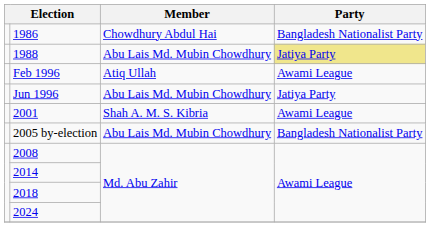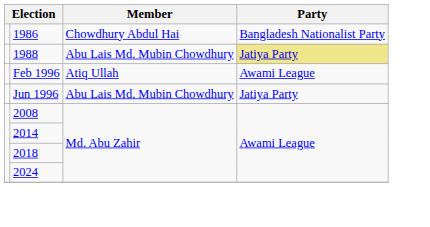 <table class="wikitable">
 <tr>
 <th colspan="2">Election</th>
 <th>Member</th>
 <th>Party</th>
 </tr>
 <tr>
 <td style="background-color:"></td>
 <td><a href='#'>1986</a></td>
 <td><a href='#'>Chowdhury Abdul Hai</a></td>
 <td><a href='#'>Bangladesh Nationalist Party</a></td>
 </tr>
 <tr>
 <td style="background-color:"></td>
 <td><a href='#'>1988</a></td>
 <td><a href='#'>Abu Lais Md. Mubin Chowdhury</a></td>
 <td style="background: khaki;"><a href='#'>Jatiya Party</a></td>
 </tr>
 <tr>
 <td style="background-color:"></td>
 <td><a href='#'>Feb 1996</a></td>
 <td><a href='#'>Atiq Ullah</a></td>
 <td><a href='#'>Awami League</a></td>
 </tr>
 <tr>
 <td style="background-color:"></td>
 <td><a href='#'>Jun 1996</a></td>
 <td><a href='#'>Abu Lais Md. Mubin Chowdhury</a></td>
 <td><a href='#'>Jatiya Party</a></td>
 </tr>
 <tr>
-<td style="background-color:"></td>
-<td><a href='#'>2001</a></td>
-<td><a href='#'>Shah A. M. S. Kibria</a></td>
-<td><a href='#'>Awami League</a></td>
-</tr>
-<tr>
-<td style="background-color:"></td>
-<td>2005 by-election</td>
-<td><a href='#'>Abu Lais Md. Mubin Chowdhury</a></td>
-<td><a href='#'>Bangladesh Nationalist Party</a></td>
-</tr>
-<tr>
 <td rowspan="4" style="background-color:"></td>
 <td><a href='#'>2008</a></td>
 <td rowspan="4"><a href='#'>Md. Abu Zahir</a></td>
 <td rowspan="4"><a href='#'>Awami League</a></td>
 </tr>
 <tr>
 <td><a href='#'>2014</a></td>
 </tr>
 <tr>
 <td><a href='#'>2018</a></td>
 </tr>
 <tr>
 <td><a href='#'>2024</a></td>
 </tr>
 <tr>
 </tr>
 </table>
